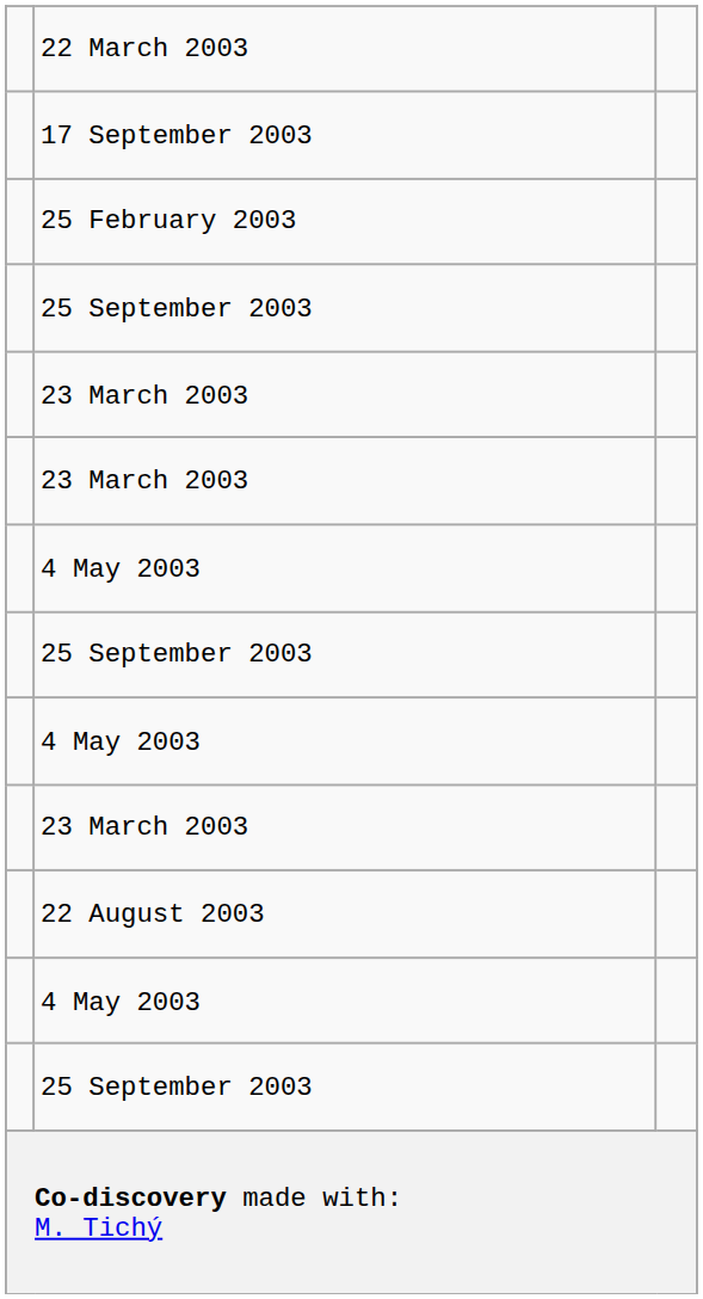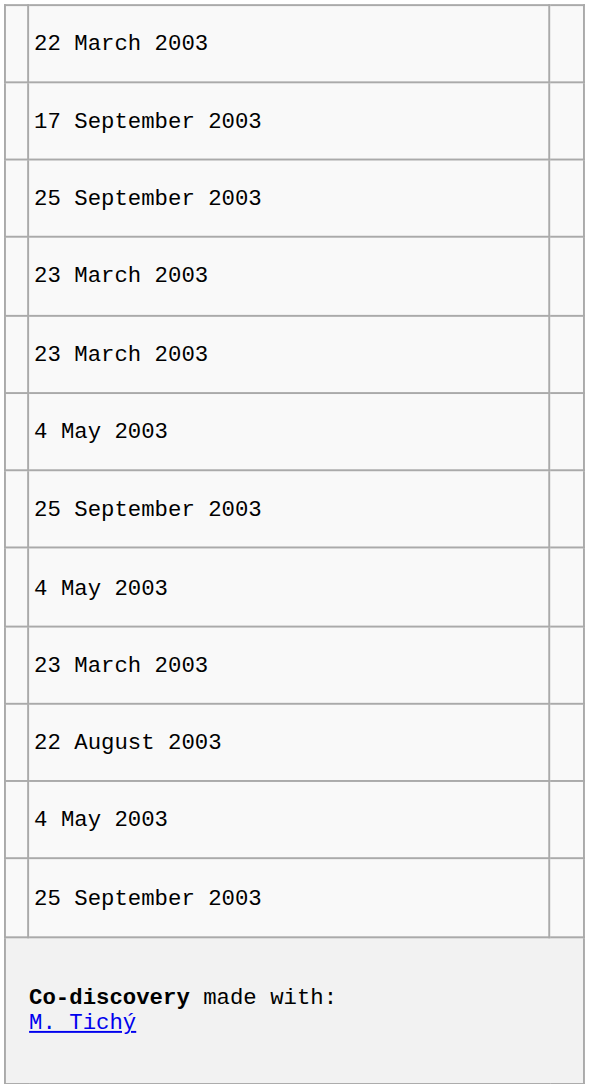 <table class="wikitable" style="font-size: 89%; float: left; width: 26em; margin-right: 1em; height: 560px;">
 <tr>
 <td></td>
 <td>22 March 2003</td>
 <td> </td>
 </tr>
 <tr>
 <td></td>
 <td>17 September 2003</td>
-<td> </td>
-</tr>
-<tr>
-<td></td>
-<td>25 February 2003</td>
 <td> </td>
 </tr>
 <tr>
 <td></td>
 <td>25 September 2003</td>
 <td> </td>
 </tr>
 <tr>
 <td></td>
 <td>23 March 2003</td>
 <td> </td>
 </tr>
 <tr>
 <td></td>
 <td>23 March 2003</td>
 <td> </td>
 </tr>
 <tr>
 <td></td>
 <td>4 May 2003</td>
 <td> </td>
 </tr>
 <tr>
 <td></td>
 <td>25 September 2003</td>
 <td> </td>
 </tr>
 <tr>
 <td></td>
 <td>4 May 2003</td>
 <td> </td>
 </tr>
 <tr>
 <td></td>
 <td>23 March 2003</td>
 <td> </td>
 </tr>
 <tr>
 <td></td>
 <td>22 August 2003</td>
 <td> </td>
 </tr>
 <tr>
 <td></td>
 <td>4 May 2003</td>
 <td> </td>
 </tr>
 <tr>
 <td></td>
 <td>25 September 2003</td>
 <td> </td>
 </tr>
 <tr>
 <th colspan=3 style="font-weight: normal; text-align: left; padding: 4px 12px;"><strong>Co-discovery</strong> made with:<br> <a href='#'>M. Tichý</a></th>
 </tr>
 </table>
